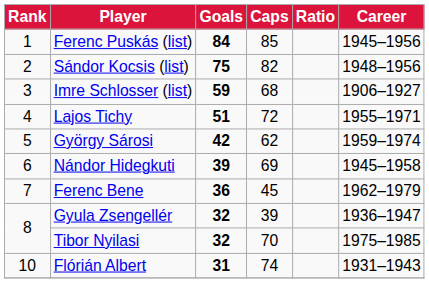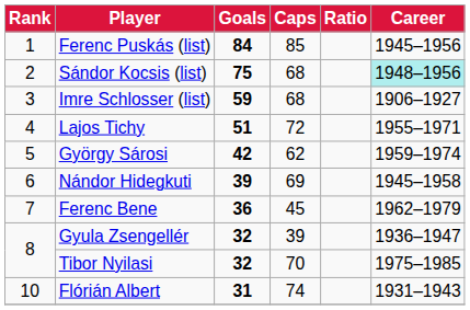 <table class="wikitable sortable" style="text-align:center;">
 <tr>
 <th style="background-color:#DC143C; color:white; ">Rank</th>
 <th style="background-color:#DC143C; color:white; ">Player</th>
 <th style="background-color:#DC143C; color:white; ">Goals</th>
 <th style="background-color:#DC143C; color:white; ">Caps</th>
 <th style="background-color:#DC143C; color:white; ">Ratio</th>
 <th style="background-color:#DC143C; color:white; ">Career</th>
 </tr>
 <tr>
 <td>1</td>
 <td style="text-align:left;"><a href='#'>Ferenc Puskás</a> (<a href='#'>list</a>)</td>
 <td><strong>84</strong></td>
 <td>85</td>
 <td></td>
 <td>1945–1956</td>
 </tr>
 <tr>
 <td>2</td>
 <td style="text-align:left;"><a href='#'>Sándor Kocsis</a> (<a href='#'>list</a>)</td>
 <td><strong>75</strong></td>
-<td>82</td>
+<td>68</td>
 <td></td>
-<td>1948–1956</td>
+<td style="background: paleturquoise;">1948–1956</td>
 </tr>
 <tr>
 <td>3</td>
 <td style="text-align:left;"><a href='#'>Imre Schlosser</a> (<a href='#'>list</a>)</td>
 <td><strong>59</strong></td>
 <td>68</td>
 <td></td>
 <td>1906–1927</td>
 </tr>
 <tr>
 <td>4</td>
 <td style="text-align:left;"><a href='#'>Lajos Tichy</a></td>
 <td><strong>51</strong></td>
 <td>72</td>
 <td></td>
 <td>1955–1971</td>
 </tr>
 <tr>
 <td>5</td>
 <td style="text-align:left;"><a href='#'>György Sárosi</a></td>
 <td><strong>42</strong></td>
 <td>62</td>
 <td></td>
 <td>1959–1974</td>
 </tr>
 <tr>
 <td>6</td>
 <td style="text-align:left;"><a href='#'>Nándor Hidegkuti</a></td>
 <td><strong>39</strong></td>
 <td>69</td>
 <td></td>
 <td>1945–1958</td>
 </tr>
 <tr>
 <td>7</td>
 <td style="text-align:left;"><a href='#'>Ferenc Bene</a></td>
 <td><strong>36</strong></td>
 <td>45</td>
 <td></td>
 <td>1962–1979</td>
 </tr>
 <tr>
 <td rowspan="2">8</td>
 <td style="text-align:left;"><a href='#'>Gyula Zsengellér</a></td>
 <td><strong>32</strong></td>
 <td>39</td>
 <td></td>
 <td>1936–1947</td>
 </tr>
 <tr>
 <td style="text-align:left;"><a href='#'>Tibor Nyilasi</a></td>
 <td><strong>32</strong></td>
 <td>70</td>
 <td></td>
 <td>1975–1985</td>
 </tr>
 <tr>
 <td>10</td>
 <td style="text-align:left;"><a href='#'>Flórián Albert</a></td>
 <td><strong>31</strong></td>
 <td>74</td>
 <td></td>
 <td>1931–1943</td>
 </tr>
 <tr>
 </tr>
 </table>
